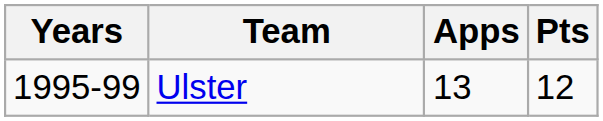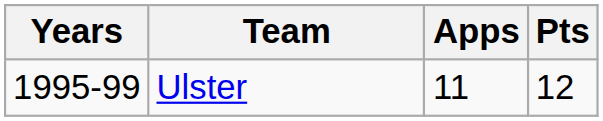 <table class="wikitable" style="text-align:left;">
 <tr>
 <th>Years</th>
 <th width=120px>Team</th>
 <th>Apps</th>
 <th>Pts</th>
 </tr>
 <tr>
 <td>1995-99</td>
 <td><a href='#'>Ulster</a></td>
-<td>13</td>
+<td>11</td>
 <td>12</td>
 </tr>
 </table>
